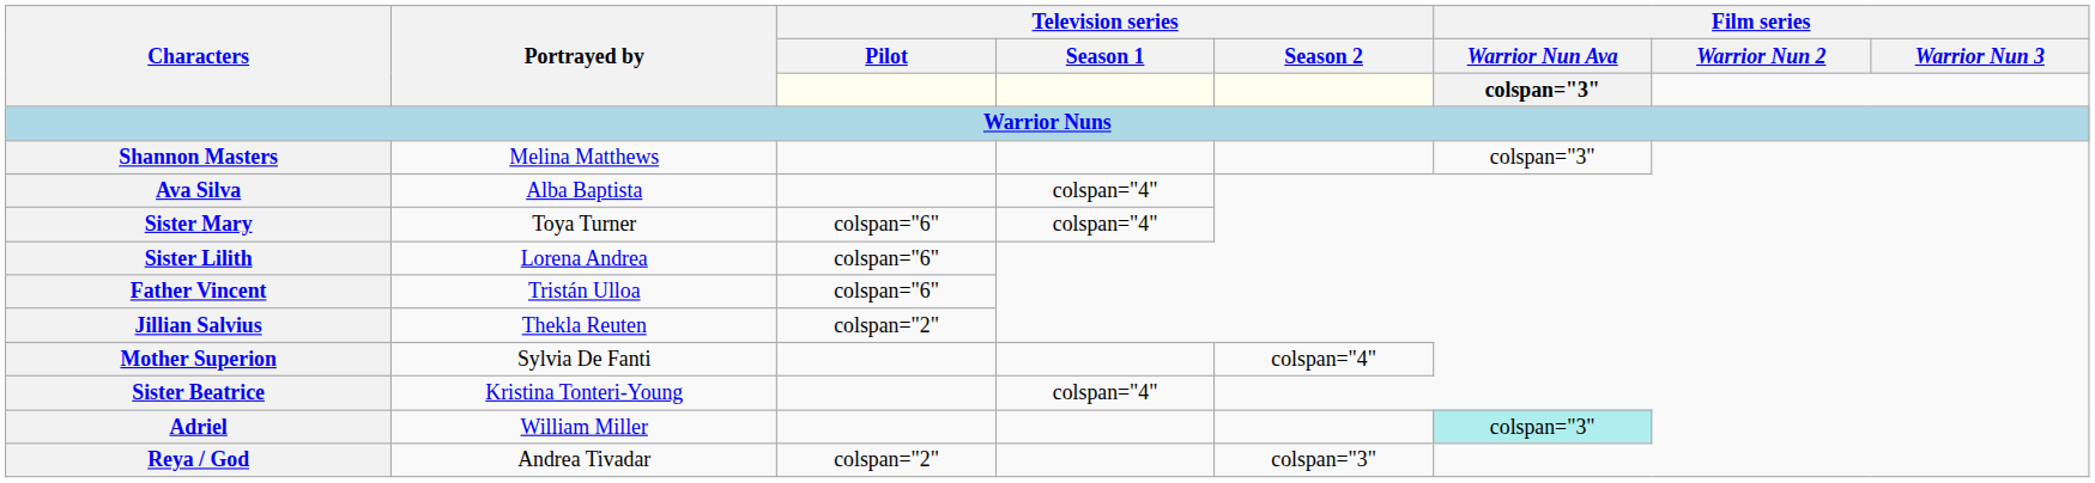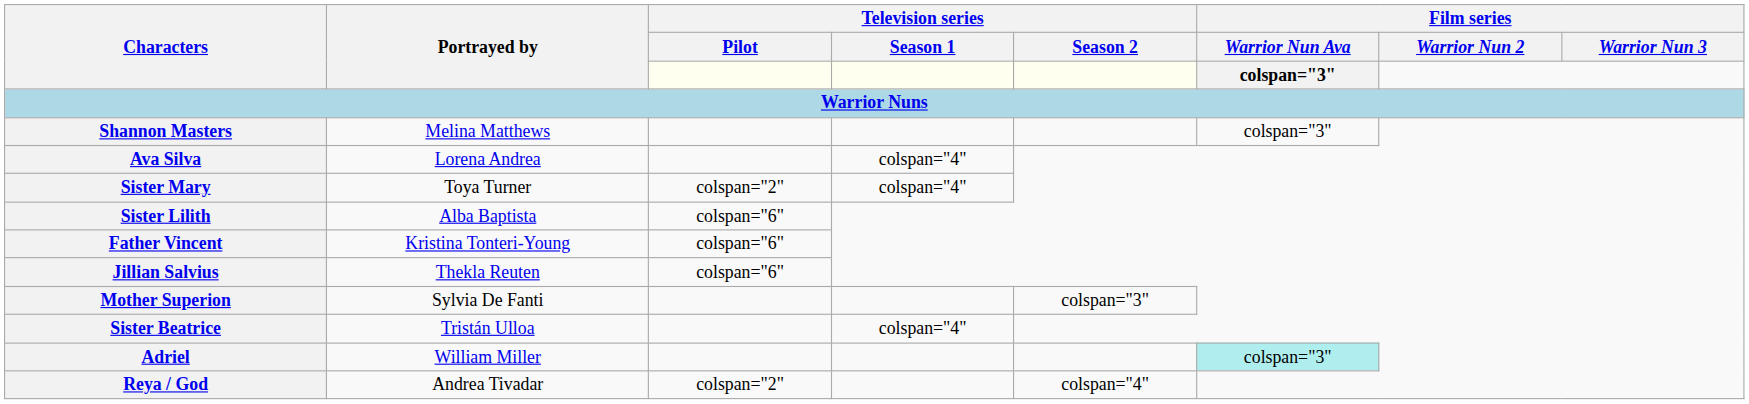 <table class="wikitable" style="text-align:center; width:99%;">
 <tr>
 <th rowspan="3" style="width:15%;"><a href='#'>Characters</a></th>
 <th rowspan="3" style="width:15%;">Portrayed by</th>
 <th colspan="3"><a href='#'>Television series</a></th>
 <th colspan="3"><a href='#'>Film series</a></th>
 </tr>
 <tr>
 <th style="width:8.5%;"><a href='#'>Pilot</a></th>
 <th style="width:8.5%;"><a href='#'>Season 1</a></th>
 <th style="width:8.5%;"><a href='#'>Season 2</a></th>
 <th style="width:8.5%;"><a href='#'><em>Warrior Nun Ava</em></a></th>
 <th style="width:8.5%;"><a href='#'><em>Warrior Nun 2</em></a></th>
 <th style="width:8.5%;"><a href='#'><em>Warrior Nun 3</em></a></th>
 </tr>
 <tr>
 <th style="background:ivory;"></th>
 <th style="background:ivory;"></th>
 <th style="background:ivory;"></th>
 <th>colspan="3" </th>
 </tr>
 <tr>
 <th colspan="8" style="background:lightblue;"><a href='#'>Warrior Nuns</a></th>
 </tr>
 <tr>
 <th><a href='#'>Shannon Masters<br></a></th>
 <td><a href='#'>Melina Matthews</a></td>
 <td></td>
 <td></td>
 <td></td>
 <td>colspan="3" </td>
 </tr>
 <tr>
 <th><a href='#'>Ava Silva<br></a></th>
-<td><a href='#'>Alba Baptista</a></td>
+<td><a href='#'>Lorena Andrea</a></td>
 <td></td>
 <td>colspan="4" </td>
 </tr>
 <tr>
 <th><a href='#'>Sister Mary<br></a></th>
 <td>Toya Turner</td>
-<td>colspan="6" </td>
+<td>colspan="2" </td>
 <td>colspan="4" </td>
 </tr>
 <tr>
 <th><a href='#'>Sister Lilith<br></a></th>
-<td><a href='#'>Lorena Andrea</a></td>
+<td><a href='#'>Alba Baptista</a></td>
 <td>colspan="6" </td>
 </tr>
 <tr>
 <th><a href='#'>Father Vincent</a></th>
-<td><a href='#'>Tristán Ulloa</a></td>
+<td><a href='#'>Kristina Tonteri-Young</a></td>
 <td>colspan="6" </td>
 </tr>
 <tr>
 <th><a href='#'>Jillian Salvius</a></th>
 <td><a href='#'>Thekla Reuten</a></td>
-<td>colspan="2" </td>
+<td>colspan="6" </td>
 </tr>
 <tr>
 <th><a href='#'>Mother Superion</a></th>
 <td>Sylvia De Fanti</td>
 <td></td>
 <td></td>
-<td>colspan="4" </td>
+<td>colspan="3" </td>
 </tr>
 <tr>
 <th><a href='#'>Sister Beatrice</a></th>
-<td><a href='#'>Kristina Tonteri-Young</a></td>
+<td><a href='#'>Tristán Ulloa</a></td>
 <td></td>
 <td>colspan="4" </td>
 </tr>
 <tr>
 <th><a href='#'>Adriel</a></th>
 <td><a href='#'>William Miller</a></td>
 <td></td>
 <td></td>
 <td></td>
 <td style="background: paleturquoise;">colspan="3" </td>
 </tr>
 <tr>
 <th><a href='#'>Reya / God</a></th>
 <td>Andrea Tivadar</td>
 <td>colspan="2" </td>
 <td></td>
-<td>colspan="3" </td>
+<td>colspan="4" </td>
 </tr>
 </table>
